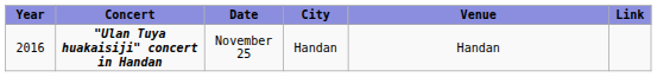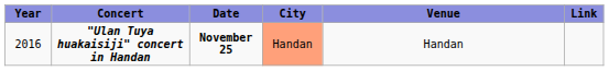 <table class="wikitable sortable mw-collapsible" width="80%" style="text-align:center">
 <tr align="center" style="background:#8B8EDE">
 <td style="width:2%"><strong>Year</strong></td>
 <td style="width:8%"><strong>Concert</strong></td>
 <td style="width:2%"><strong>Date</strong></td>
 <td style="width:2%"><strong>City</strong></td>
 <td style="width:18%"><strong>Venue</strong></td>
 <td style="width:1%"><strong>Link</strong></td>
 </tr>
 <tr>
 <td rowspan="2">2016</td>
 <td rowspan="2"><strong><em>"Ulan Tuya huakaisiji" concert in Handan</em></strong></td>
-<td>November 25</td>
-<td>Handan</td>
+<td><strong>November 25</strong></td>
+<td style="background: lightsalmon;">Handan</td>
 <td>Handan</td>
 <td></td>
 </tr>
 </table>
